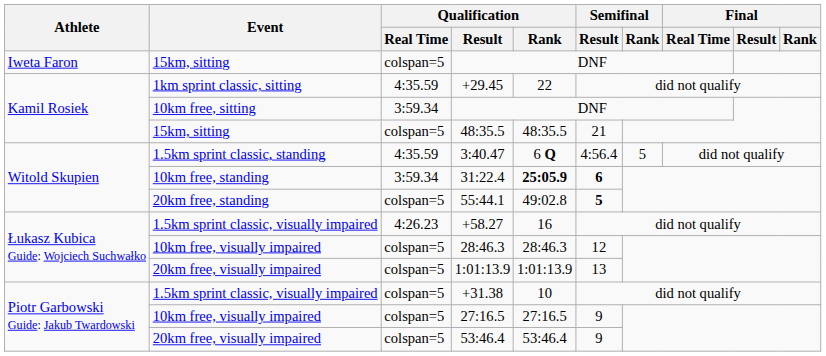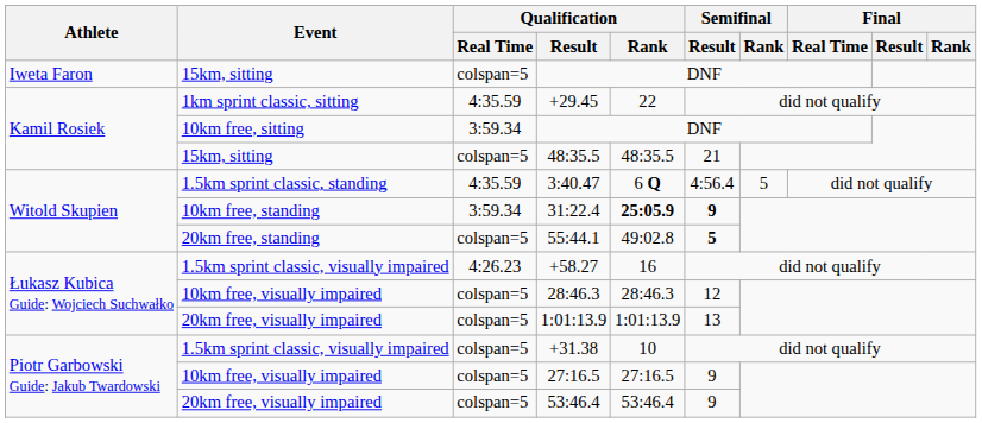 <table class="wikitable" style="font-size:100%">
 <tr>
 <th rowspan="2">Athlete</th>
 <th rowspan="2">Event</th>
 <th colspan="3">Qualification</th>
 <th colspan="2">Semifinal</th>
 <th colspan="3">Final</th>
 </tr>
 <tr>
 <th>Real Time</th>
 <th>Result</th>
 <th>Rank</th>
 <th>Result</th>
 <th>Rank</th>
 <th>Real Time</th>
 <th>Result</th>
 <th>Rank</th>
 </tr>
 <tr>
 <td rowspan=1><a href='#'>Iweta Faron</a></td>
 <td><a href='#'>15km, sitting</a></td>
 <td>colspan=5 </td>
 <td colspan=5 align="center">DNF</td>
 </tr>
 <tr>
 <td rowspan=3><a href='#'>Kamil Rosiek</a></td>
 <td><a href='#'>1km sprint classic, sitting</a></td>
 <td align="center">4:35.59</td>
 <td align="center">+29.45</td>
 <td align="center">22</td>
 <td colspan=5 align="center">did not qualify</td>
 </tr>
 <tr>
 <td><a href='#'>10km free, sitting</a></td>
 <td align="center">3:59.34</td>
 <td colspan=5 align="center">DNF</td>
 </tr>
 <tr>
 <td><a href='#'>15km, sitting</a></td>
 <td>colspan=5 </td>
 <td align="center">48:35.5</td>
 <td align="center">48:35.5</td>
 <td align="center">21</td>
 </tr>
 <tr>
 <td rowspan=3><a href='#'>Witold Skupien</a></td>
 <td><a href='#'>1.5km sprint classic, standing</a></td>
 <td align="center">4:35.59</td>
 <td align="center">3:40.47</td>
 <td align="center">6 <strong>Q</strong></td>
 <td align="center">4:56.4</td>
 <td align="center">5</td>
 <td colspan=5 align="center">did not qualify</td>
 </tr>
 <tr>
 <td><a href='#'>10km free, standing</a></td>
 <td align="center">3:59.34</td>
 <td align="center">31:22.4</td>
 <td align="center"><strong>25:05.9</strong></td>
-<td align="center"><strong>6</strong></td>
+<td align="center"><strong>9</strong></td>
 </tr>
 <tr>
 <td><a href='#'>20km free, standing</a></td>
 <td>colspan=5 </td>
 <td align="center">55:44.1</td>
 <td align="center">49:02.8</td>
 <td align="center"><strong>5</strong></td>
 </tr>
 <tr>
 <td rowspan=3><a href='#'>Łukasz Kubica</a><br><small><a href='#'>Guide</a>: <a href='#'>Wojciech Suchwałko</a></small></td>
 <td><a href='#'>1.5km sprint classic, visually impaired</a></td>
 <td align="center">4:26.23</td>
 <td align="center">+58.27</td>
 <td align="center">16</td>
 <td colspan=5 align="center">did not qualify</td>
 </tr>
 <tr>
 <td><a href='#'>10km free, visually impaired</a></td>
 <td>colspan=5 </td>
 <td align="center">28:46.3</td>
 <td align="center">28:46.3</td>
 <td align="center">12</td>
 </tr>
 <tr>
 <td><a href='#'>20km free, visually impaired</a></td>
 <td>colspan=5 </td>
 <td align="center">1:01:13.9</td>
 <td align="center">1:01:13.9</td>
 <td align="center">13</td>
 </tr>
 <tr>
 <td rowspan=3><a href='#'>Piotr Garbowski</a><br><small><a href='#'>Guide</a>: <a href='#'>Jakub Twardowski</a></small></td>
 <td><a href='#'>1.5km sprint classic, visually impaired</a></td>
 <td>colspan=5 </td>
 <td align="center">+31.38</td>
 <td align="center">10</td>
 <td colspan=5 align="center">did not qualify</td>
 </tr>
 <tr>
 <td><a href='#'>10km free, visually impaired</a></td>
 <td>colspan=5 </td>
 <td align="center">27:16.5</td>
 <td align="center">27:16.5</td>
 <td align="center">9</td>
 </tr>
 <tr>
 <td><a href='#'>20km free, visually impaired</a></td>
 <td>colspan=5 </td>
 <td align="center">53:46.4</td>
 <td align="center">53:46.4</td>
 <td align="center">9</td>
 </tr>
 </table>
